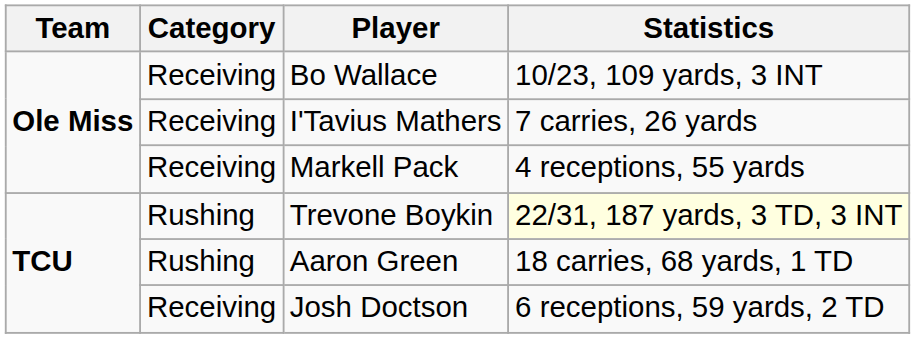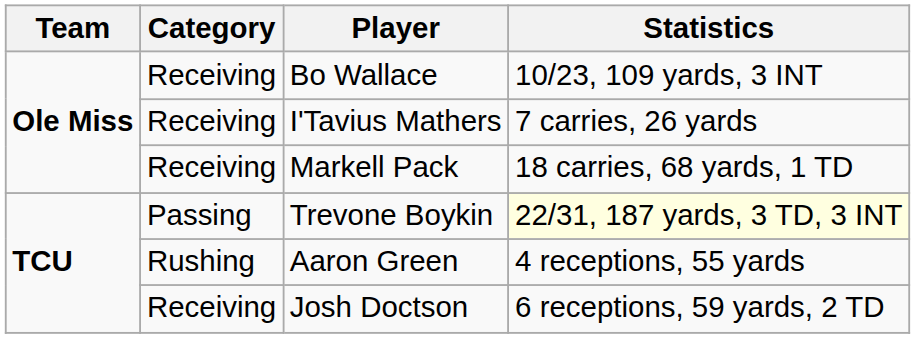 <table class="wikitable" style="float: right;">
 <tr>
 <th>Team</th>
 <th>Category</th>
 <th>Player</th>
 <th>Statistics</th>
 </tr>
 <tr>
 <td rowspan=3><strong>Ole Miss</strong></td>
 <td>Receiving</td>
 <td>Bo Wallace</td>
 <td>10/23,  109 yards, 3 INT</td>
 </tr>
 <tr>
 <td>Receiving</td>
 <td>I'Tavius Mathers</td>
 <td>7 carries, 26 yards</td>
 </tr>
 <tr>
 <td>Receiving</td>
 <td>Markell Pack</td>
-<td>4 receptions, 55 yards</td>
+<td>18 carries, 68 yards, 1 TD</td>
 </tr>
 <tr>
 <td rowspan=3><strong>TCU</strong></td>
-<td>Rushing</td>
+<td>Passing</td>
 <td>Trevone Boykin</td>
 <td style="background: lightyellow;">22/31, 187 yards, 3 TD, 3 INT</td>
 </tr>
 <tr>
 <td>Rushing</td>
 <td>Aaron Green</td>
-<td>18 carries, 68 yards, 1 TD</td>
+<td>4 receptions, 55 yards</td>
 </tr>
 <tr>
 <td>Receiving</td>
 <td>Josh Doctson</td>
 <td>6 receptions, 59 yards, 2 TD</td>
 </tr>
 </table>
